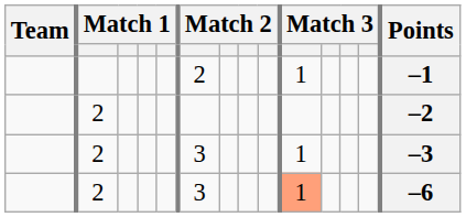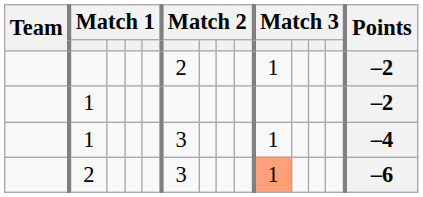 <table class="wikitable sortable" style="text-align:center;">
 <tr>
 <th rowspan=2>Team</th>
 <th colspan=4 style="border-left:3px solid gray">Match 1</th>
 <th colspan=4 style="border-left:3px solid gray">Match 2</th>
 <th colspan=4 style="border-left:3px solid gray">Match 3</th>
 <th rowspan=2 style="border-left:3px solid gray">Points</th>
 </tr>
 <tr>
 <th style="border-left:3px solid gray"></th>
 <th></th>
 <th></th>
 <th></th>
 <th style="border-left:3px solid gray"></th>
 <th></th>
 <th></th>
 <th></th>
 <th style="border-left:3px solid gray"></th>
 <th></th>
 <th></th>
 <th></th>
 </tr>
 <tr>
 <td align=left></td>
 <td style="border-left:3px solid gray"></td>
 <td></td>
 <td></td>
 <td></td>
 <td style="border-left:3px solid gray">2</td>
 <td></td>
 <td></td>
 <td></td>
 <td style="border-left:3px solid gray">1</td>
 <td></td>
 <td></td>
 <td></td>
-<th style="border-left:3px solid gray">–1</th>
+<th style="border-left:3px solid gray">–2</th>
 </tr>
 <tr>
 <td align=left></td>
-<td style="border-left:3px solid gray">2</td>
+<td style="border-left:3px solid gray">1</td>
 <td></td>
 <td></td>
 <td></td>
 <td style="border-left:3px solid gray"></td>
 <td></td>
 <td></td>
 <td></td>
 <td style="border-left:3px solid gray"></td>
 <td></td>
 <td></td>
 <td></td>
 <th style="border-left:3px solid gray">–2</th>
 </tr>
 <tr>
 <td align=left></td>
-<td style="border-left:3px solid gray">2</td>
+<td style="border-left:3px solid gray">1</td>
 <td></td>
 <td></td>
 <td></td>
 <td style="border-left:3px solid gray">3</td>
 <td></td>
 <td></td>
 <td></td>
 <td style="border-left:3px solid gray">1</td>
 <td></td>
 <td></td>
 <td></td>
-<th style="border-left:3px solid gray">–3</th>
+<th style="border-left:3px solid gray">–4</th>
 </tr>
 <tr>
 <td align=left></td>
 <td style="border-left:3px solid gray">2</td>
 <td></td>
 <td></td>
 <td></td>
 <td style="border-left:3px solid gray">3</td>
 <td></td>
 <td></td>
 <td></td>
 <td style="background: lightsalmon; border-left:3px solid gray">1</td>
 <td></td>
 <td></td>
 <td></td>
 <th style="border-left:3px solid gray">–6</th>
 </tr>
 </table>
